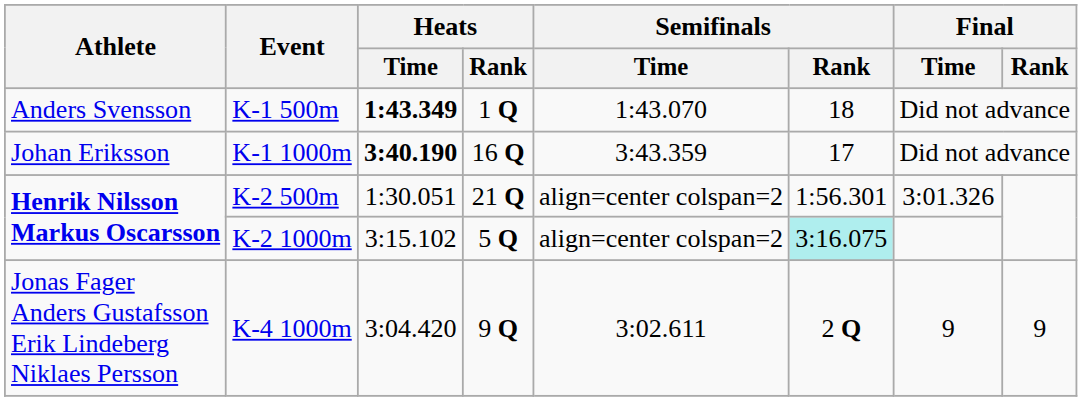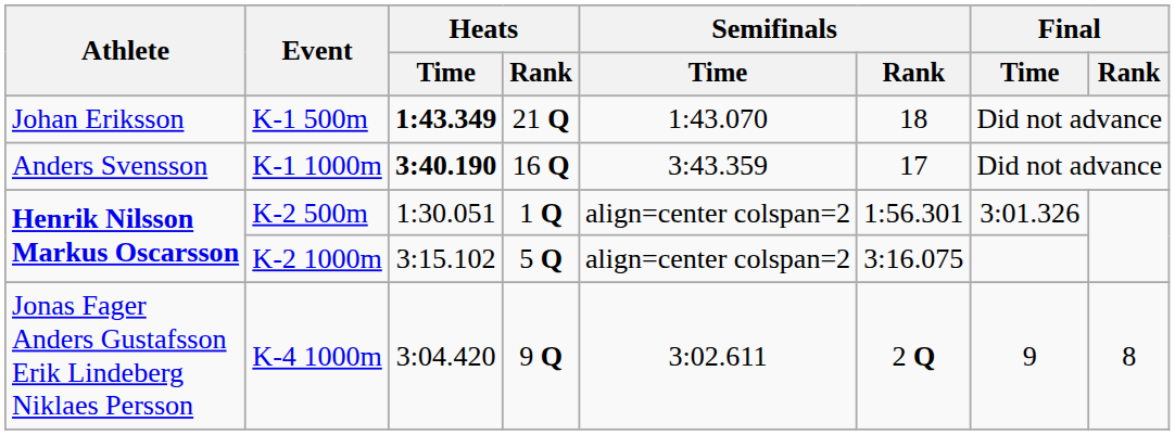 <table class="wikitable" style="font-size:90%">
 <tr>
 <th rowspan=2>Athlete</th>
 <th rowspan=2>Event</th>
 <th colspan=2>Heats</th>
 <th colspan=2>Semifinals</th>
 <th colspan=2>Final</th>
 </tr>
 <tr style="font-size:95%">
 <th>Time</th>
 <th>Rank</th>
 <th>Time</th>
 <th>Rank</th>
 <th>Time</th>
 <th>Rank</th>
 </tr>
 <tr>
-<td align=left><a href='#'>Anders Svensson</a></td>
+<td align=left><a href='#'>Johan Eriksson</a></td>
 <td align=left><a href='#'>K-1 500m</a></td>
 <td align=center><strong>1:43.349</strong></td>
-<td align=center>1 <strong>Q</strong></td>
+<td align=center>21 <strong>Q</strong></td>
 <td align=center>1:43.070</td>
 <td align=center>18</td>
 <td align=center colspan=2>Did not advance</td>
 </tr>
 <tr>
-<td align=left><a href='#'>Johan Eriksson</a></td>
+<td align=left><a href='#'>Anders Svensson</a></td>
 <td align=left><a href='#'>K-1 1000m</a></td>
 <td align=center><strong>3:40.190</strong></td>
 <td align=center>16 <strong>Q</strong></td>
 <td align=center>3:43.359</td>
 <td align=center>17</td>
 <td align=center colspan=2>Did not advance</td>
 </tr>
 <tr>
 <td align=left rowspan=2><strong><a href='#'>Henrik Nilsson</a><br> <a href='#'>Markus Oscarsson</a></strong></td>
 <td align=left><a href='#'>K-2 500m</a></td>
 <td align=center>1:30.051</td>
-<td align=center>21 <strong>Q</strong></td>
+<td align=center>1 <strong>Q</strong></td>
 <td>align=center colspan=2 </td>
 <td align=center>1:56.301</td>
 <td align=center>3:01.326</td>
 </tr>
 <tr>
 <td align=left><a href='#'>K-2 1000m</a></td>
 <td align=center>3:15.102</td>
 <td align=center>5 <strong>Q</strong></td>
 <td>align=center colspan=2 </td>
-<td align=center style="background: paleturquoise;">3:16.075</td>
+<td align=center>3:16.075</td>
 <td align=center></td>
 </tr>
 <tr>
 <td align=left><a href='#'>Jonas Fager</a><br> <a href='#'>Anders Gustafsson</a><br> <a href='#'>Erik Lindeberg</a><br> <a href='#'>Niklaes Persson</a></td>
 <td align=left><a href='#'>K-4 1000m</a></td>
 <td align=center>3:04.420</td>
 <td align=center>9 <strong>Q</strong></td>
 <td align=center>3:02.611</td>
 <td align=center>2 <strong>Q</strong></td>
 <td align=center>9</td>
-<td align=center>9</td>
+<td align=center>8</td>
 </tr>
 </table>
